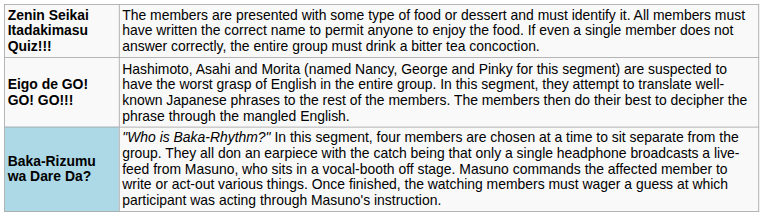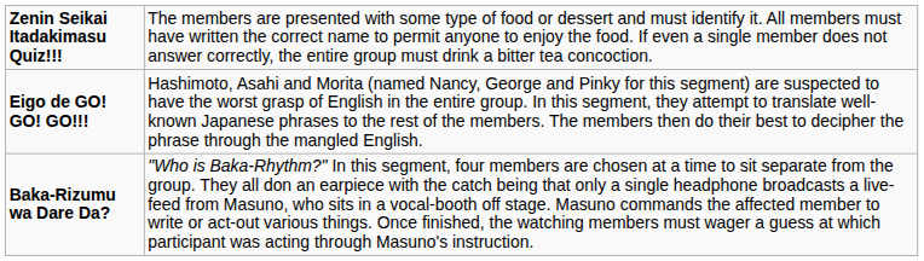 <table class="wikitable">
 <tr>
 <td><strong>Zenin Seikai Itadakimasu Quiz!!!</strong></td>
 <td>The members are presented with some type of food or dessert and must identify it. All members must have written the correct name to permit anyone to enjoy the food. If even a single member does not answer correctly, the entire group must drink a bitter tea concoction.</td>
 </tr>
 <tr>
 <td><strong>Eigo de GO! GO! GO!!!</strong></td>
 <td>Hashimoto, Asahi and Morita (named Nancy, George and Pinky for this segment) are suspected to have the worst grasp of English in the entire group. In this segment, they attempt to translate well-known Japanese phrases to the rest of the members. The members then do their best to decipher the phrase through the mangled English.</td>
 </tr>
 <tr>
-<td style="background: lightblue;"><strong>Baka-Rizumu wa Dare Da?</strong></td>
+<td><strong>Baka-Rizumu wa Dare Da?</strong></td>
 <td><em>"Who is Baka-Rhythm?"</em> In this segment, four members are chosen at a time to sit separate from the group. They all don an earpiece with the catch being that only a single headphone broadcasts a live-feed from Masuno, who sits in a vocal-booth off stage. Masuno commands the affected member to write or act-out various things. Once finished, the watching members must wager a guess at which participant was acting through Masuno's instruction.</td>
 </tr>
 </table>
